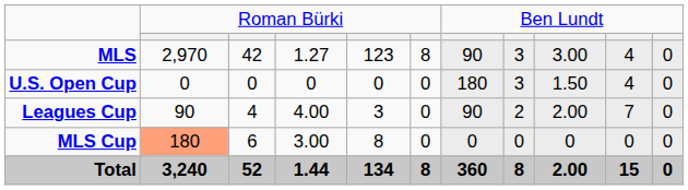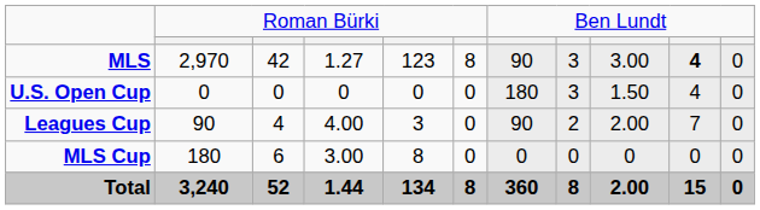 <table class="wikitable" style="text-align:center;">
 <tr>
 <td rowspan="2"  style="width:20%; text-align:center;"></td>
 <td colspan="5" style="text-align:center;"> <a href='#'>Roman Bürki</a></td>
 <td colspan="5" style="text-align:center;"> <a href='#'>Ben Lundt</a></td>
 </tr>
 <tr style="font-size:80%">
 <th></th>
 <th></th>
 <th></th>
 <th></th>
 <th></th>
 <th></th>
 <th></th>
 <th></th>
 <th></th>
 <th></th>
 </tr>
 <tr>
 <td style="text-align: right; white-space:nowrap;"><strong><a href='#'>MLS</a></strong></td>
 <td>2,970</td>
 <td>42</td>
 <td>1.27</td>
 <td>123</td>
 <td>8</td>
 <td style="background: #ececec;">90</td>
 <td style="background: #ececec;">3</td>
 <td style="background: #ececec;">3.00</td>
-<td style="background: #ececec;">4</td>
+<td style="background: #ececec;"><strong>4</strong></td>
 <td style="background: #ececec;">0</td>
 </tr>
 <tr>
 <td style="text-align: right; white-space:nowrap;"><strong><a href='#'>U.S. Open Cup</a></strong></td>
 <td>0</td>
 <td>0</td>
 <td>0</td>
 <td>0</td>
 <td>0</td>
 <td style="background: #ececec;">180</td>
 <td style="background: #ececec;">3</td>
 <td style="background: #ececec;">1.50</td>
 <td style="background: #ececec;">4</td>
 <td style="background: #ececec;">0</td>
 </tr>
 <tr>
 <td style="text-align: right; white-space:nowrap;"><strong><a href='#'>Leagues Cup</a></strong></td>
 <td>90</td>
 <td>4</td>
 <td>4.00</td>
 <td>3</td>
 <td>0</td>
 <td style="background: #ececec;">90</td>
 <td style="background: #ececec;">2</td>
 <td style="background: #ececec;">2.00</td>
 <td style="background: #ececec;">7</td>
 <td style="background: #ececec;">0</td>
 </tr>
 <tr>
 <td style="text-align: right; white-space:nowrap;"><strong><a href='#'>MLS Cup</a></strong></td>
-<td style="background: lightsalmon;">180</td>
+<td>180</td>
 <td>6</td>
 <td>3.00</td>
 <td>8</td>
 <td>0</td>
 <td style="background: #ececec;">0</td>
 <td style="background: #ececec;">0</td>
 <td style="background: #ececec;">0</td>
 <td style="background: #ececec;">0</td>
 <td style="background: #ececec;">0</td>
 </tr>
 <tr>
 <td align=right style="background: #c8c8c8;"><strong>Total</strong></td>
 <td style="background: #c8c8c8;"><strong>3,240</strong></td>
 <td style="background: #c8c8c8;"><strong>52</strong></td>
 <td style="background: #c8c8c8;"><strong>1.44</strong></td>
 <td style="background: #c8c8c8;"><strong>134</strong></td>
 <td style="background: #c8c8c8;"><strong>8</strong></td>
 <td style="background: #c8c8c8;"><strong>360</strong></td>
 <td style="background: #c8c8c8;"><strong>8</strong></td>
 <td style="background: #c8c8c8;"><strong>2.00</strong></td>
 <td style="background: #c8c8c8;"><strong>15</strong></td>
 <td style="background: #c8c8c8;"><strong>0</strong></td>
 </tr>
 </table>
